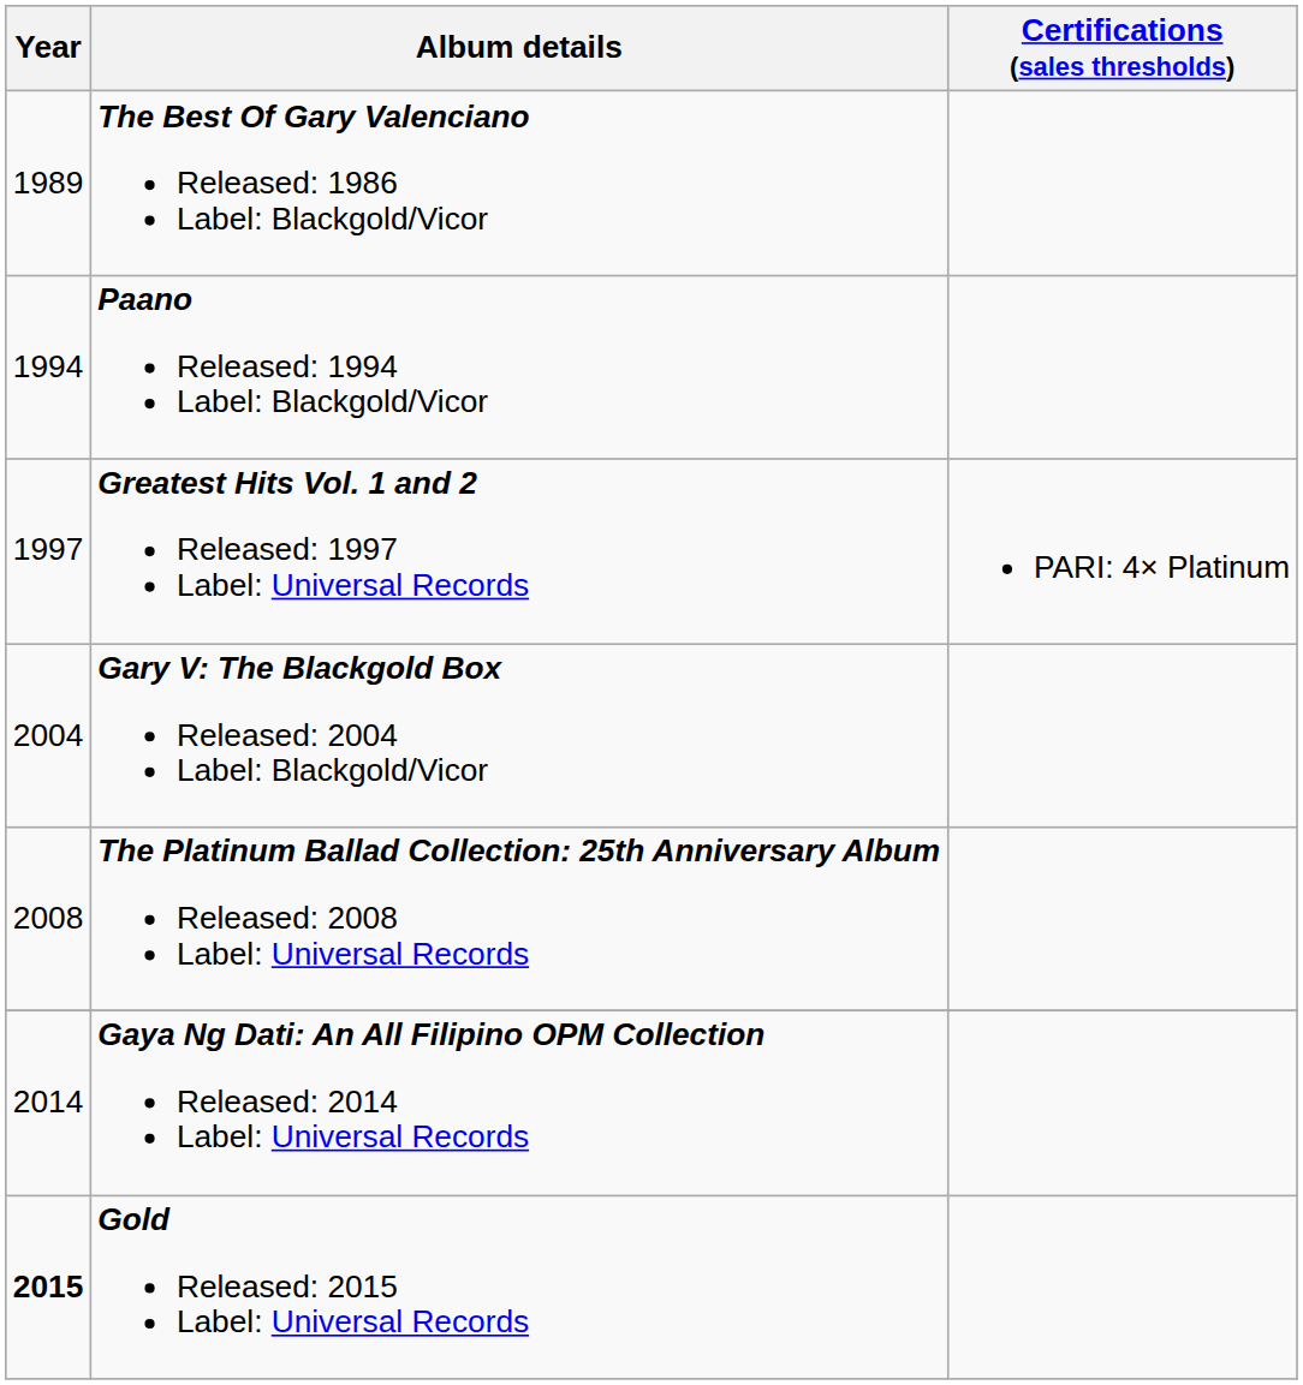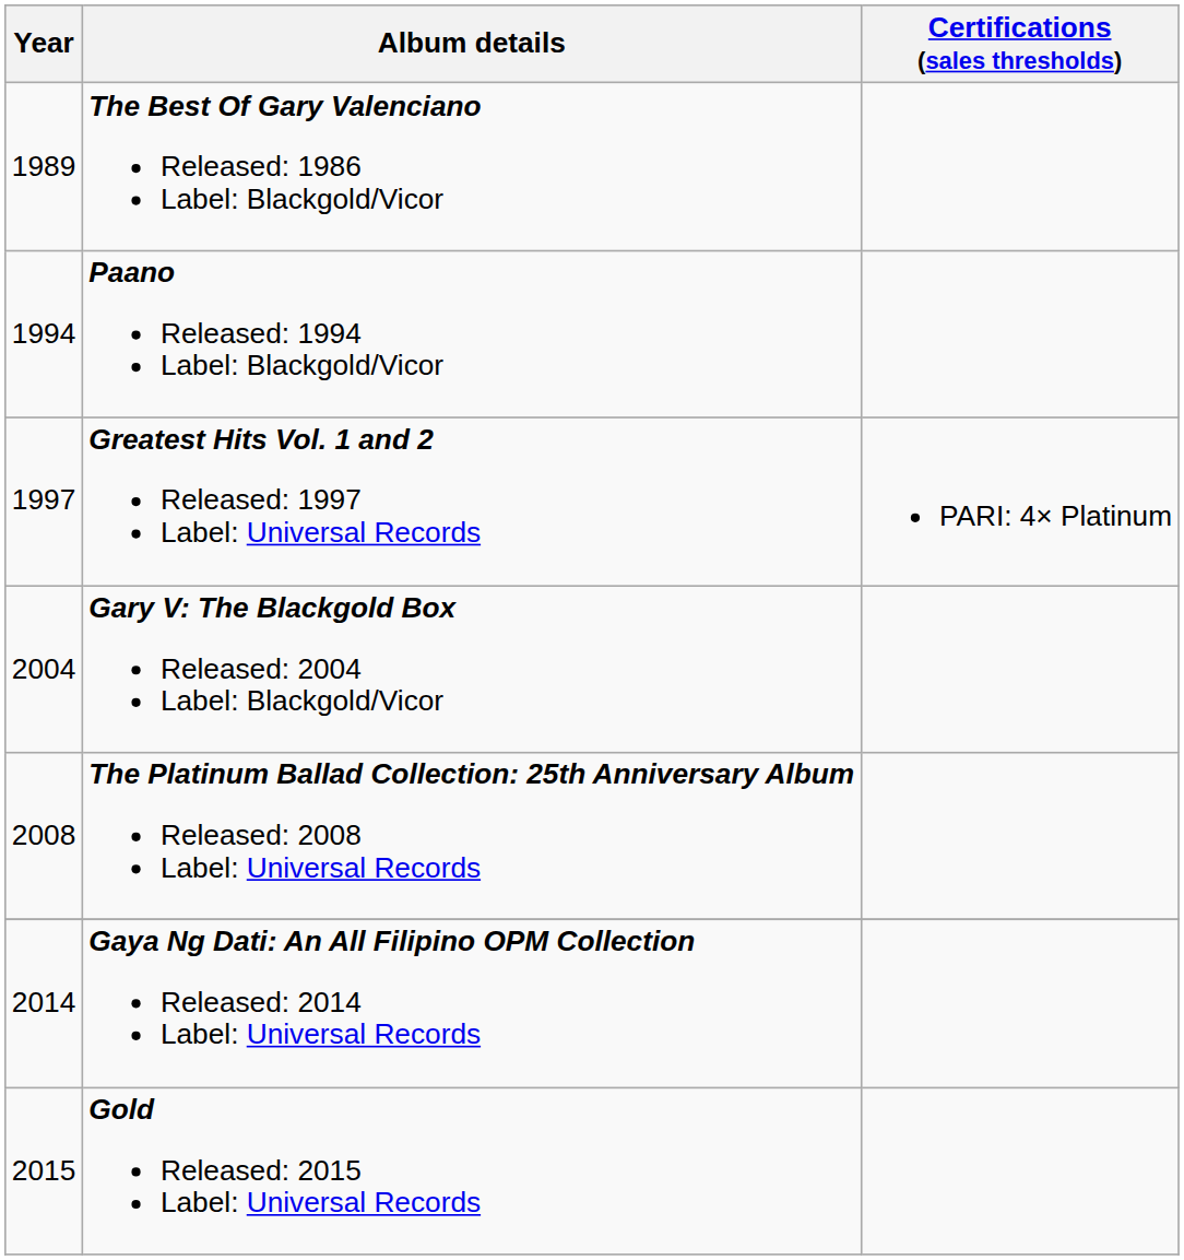 <table class="wikitable">
 <tr>
 <th>Year</th>
 <th>Album details</th>
 <th><a href='#'>Certifications</a><br><small>(<a href='#'>sales thresholds</a>)</small></th>
 </tr>
 <tr>
 <td>1989</td>
 <td><strong><em>The Best Of Gary Valenciano</em></strong><br><ul><li>Released: 1986</li><li>Label: Blackgold/Vicor</li></ul></td>
 <td></td>
 </tr>
 <tr>
 <td>1994</td>
 <td><strong><em>Paano</em></strong><br><ul><li>Released: 1994</li><li>Label: Blackgold/Vicor</li></ul></td>
 <td></td>
 </tr>
 <tr>
 <td>1997</td>
 <td><strong><em>Greatest Hits Vol. 1 and 2</em></strong><br><ul><li>Released: 1997</li><li>Label: <a href='#'>Universal Records</a></li></ul></td>
 <td><br><ul><li>PARI: 4× Platinum</li></ul></td>
 </tr>
 <tr>
 <td>2004</td>
 <td><strong><em>Gary V: The Blackgold Box</em></strong><br><ul><li>Released: 2004</li><li>Label: Blackgold/Vicor</li></ul></td>
 <td></td>
 </tr>
 <tr>
 <td>2008</td>
 <td><strong><em>The Platinum Ballad Collection: 25th Anniversary Album</em></strong><br><ul><li>Released: 2008</li><li>Label: <a href='#'>Universal Records</a></li></ul></td>
 <td></td>
 </tr>
 <tr>
 </tr>
 <tr>
 <td>2014</td>
 <td><strong><em>Gaya Ng Dati: An All Filipino OPM Collection</em></strong><br><ul><li>Released: 2014</li><li>Label: <a href='#'>Universal Records</a></li></ul></td>
 <td></td>
 </tr>
 <tr>
-<td><strong>2015</strong></td>
+<td>2015</td>
 <td><strong><em>Gold</em></strong><br><ul><li>Released: 2015</li><li>Label: <a href='#'>Universal Records</a></li></ul></td>
 <td></td>
 </tr>
 </table>
